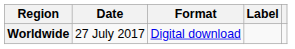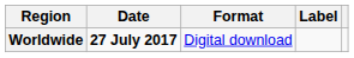 <table class="wikitable plainrowheaders">
 <tr>
 <th scope="col">Region</th>
 <th scope="col">Date</th>
 <th scope="col">Format</th>
 <th scope="col">Label</th>
 <th scope="col"></th>
 </tr>
 <tr>
 <th scope="row" rowspan="3">Worldwide</th>
-<td>27 July 2017</td>
+<td><strong>27 July 2017</strong></td>
 <td><a href='#'>Digital download</a></td>
 <td rowspan="3"></td>
 <td></td>
 </tr>
 </table>
